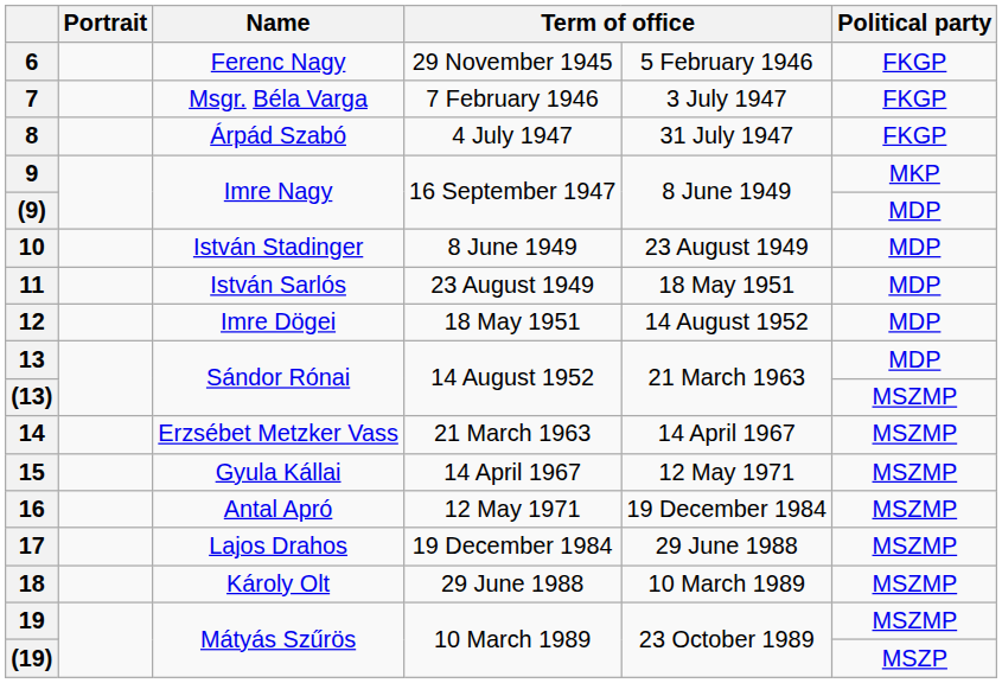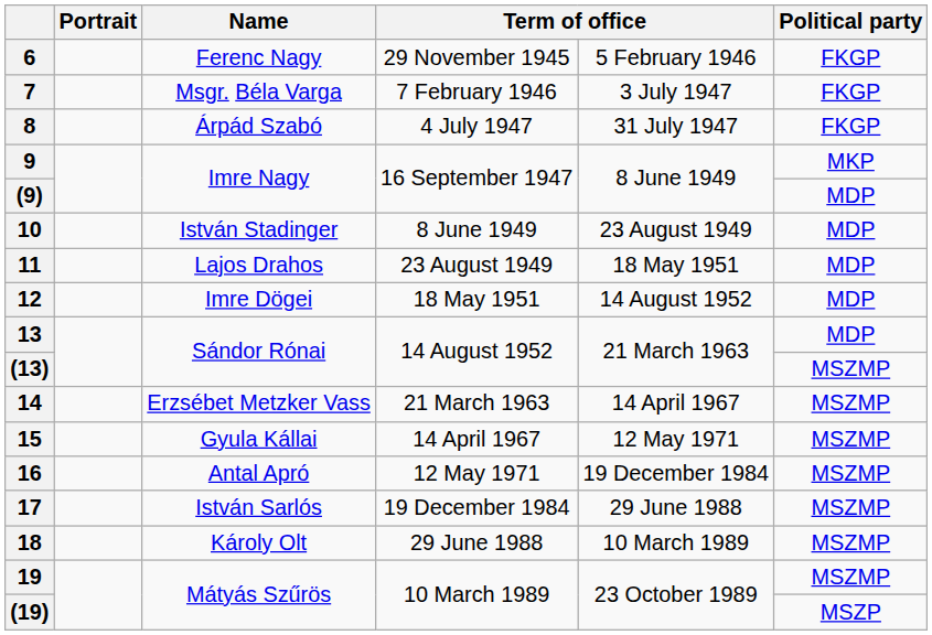 <table class="wikitable" style="text-align:center">
 <tr>
 <th></th>
 <th>Portrait</th>
 <th>Name<br></th>
 <th colspan=2>Term of office</th>
 <th>Political party</th>
 </tr>
 <tr>
 <th style="background-color:">6</th>
 <td></td>
 <td><a href='#'>Ferenc Nagy</a><br></td>
 <td>29 November 1945</td>
 <td>5 February 1946</td>
 <td><a href='#'>FKGP</a></td>
 </tr>
 <tr>
 <th style="background-color:">7</th>
 <td></td>
 <td><a href='#'>Msgr.</a> <a href='#'>Béla Varga</a><br></td>
 <td>7 February 1946</td>
 <td>3 July 1947</td>
 <td><a href='#'>FKGP</a></td>
 </tr>
 <tr>
 <th style="background-color:">8</th>
 <td></td>
 <td><a href='#'>Árpád Szabó</a><br></td>
 <td>4 July 1947</td>
 <td>31 July 1947</td>
 <td><a href='#'>FKGP</a></td>
 </tr>
 <tr>
 <th style="background-color:">9</th>
 <td rowspan=2></td>
 <td rowspan=2><a href='#'>Imre Nagy</a><br></td>
 <td rowspan=2>16 September 1947</td>
 <td rowspan=2>8 June 1949</td>
 <td><a href='#'>MKP</a></td>
 </tr>
 <tr>
 <th style="background-color:">(9)</th>
 <td><a href='#'>MDP</a></td>
 </tr>
 <tr>
 <th style="background-color:">10</th>
 <td></td>
 <td><a href='#'>István Stadinger</a><br></td>
 <td>8 June 1949</td>
 <td>23 August 1949</td>
 <td><a href='#'>MDP</a></td>
 </tr>
 <tr>
 <th style="background-color:">11</th>
 <td></td>
-<td><a href='#'>István Sarlós</a><br></td>
+<td><a href='#'>Lajos Drahos</a><br></td>
 <td>23 August 1949</td>
 <td>18 May 1951</td>
 <td><a href='#'>MDP</a></td>
 </tr>
 <tr>
 <th style="background-color:">12</th>
 <td></td>
 <td><a href='#'>Imre Dögei</a><br></td>
 <td>18 May 1951</td>
 <td>14 August 1952</td>
 <td><a href='#'>MDP</a></td>
 </tr>
 <tr>
 <th style="background-color:">13</th>
 <td rowspan=2></td>
 <td rowspan=2><a href='#'>Sándor Rónai</a><br></td>
 <td rowspan=2>14 August 1952</td>
 <td rowspan=2>21 March 1963</td>
 <td><a href='#'>MDP</a></td>
 </tr>
 <tr>
 <th style="background-color:">(13)</th>
 <td><a href='#'>MSZMP</a></td>
 </tr>
 <tr>
 <th style="background-color:">14</th>
 <td></td>
 <td><a href='#'>Erzsébet Metzker Vass</a><br></td>
 <td>21 March 1963</td>
 <td>14 April 1967</td>
 <td><a href='#'>MSZMP</a></td>
 </tr>
 <tr>
 <th style="background-color:">15</th>
 <td></td>
 <td><a href='#'>Gyula Kállai</a><br></td>
 <td>14 April 1967</td>
 <td>12 May 1971</td>
 <td><a href='#'>MSZMP</a></td>
 </tr>
 <tr>
 <th style="background-color:">16</th>
 <td></td>
 <td><a href='#'>Antal Apró</a><br></td>
 <td>12 May 1971</td>
 <td>19 December 1984</td>
 <td><a href='#'>MSZMP</a></td>
 </tr>
 <tr>
 <th style="background-color:">17</th>
 <td></td>
-<td><a href='#'>Lajos Drahos</a><br></td>
+<td><a href='#'>István Sarlós</a><br></td>
 <td>19 December 1984</td>
 <td>29 June 1988</td>
 <td><a href='#'>MSZMP</a></td>
 </tr>
 <tr>
 <th style="background-color:">18</th>
 <td></td>
 <td><a href='#'>Károly Olt</a><br></td>
 <td>29 June 1988</td>
 <td>10 March 1989</td>
 <td><a href='#'>MSZMP</a></td>
 </tr>
 <tr>
 <th style="background-color:">19</th>
 <td rowspan=2></td>
 <td rowspan=2><a href='#'>Mátyás Szűrös</a><br></td>
 <td rowspan=2>10 March 1989</td>
 <td rowspan=2>23 October 1989</td>
 <td><a href='#'>MSZMP</a></td>
 </tr>
 <tr>
 <th style="background-color:">(19)</th>
 <td><a href='#'>MSZP</a></td>
 </tr>
 </table>
